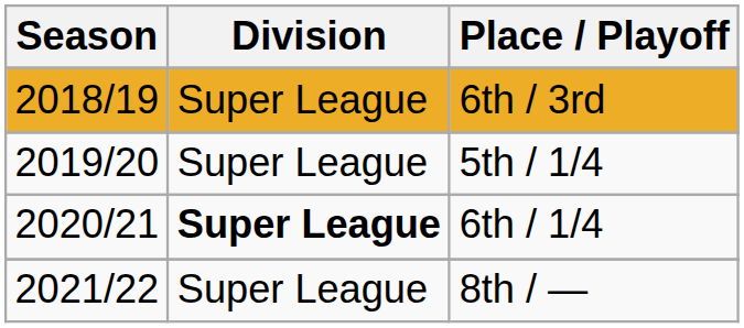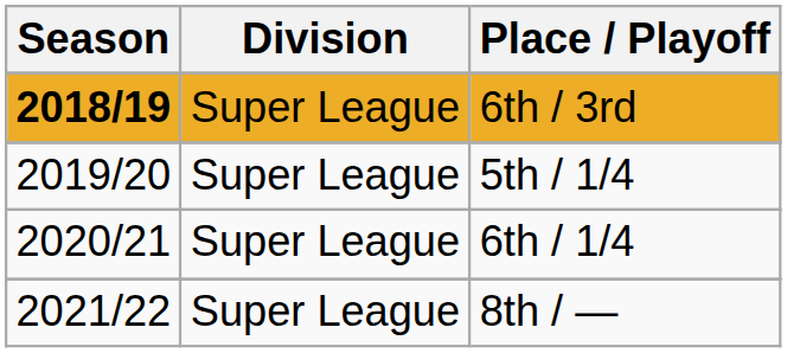 <table class="wikitable">
 <tr style="background:#f0f6fa;">
 <th><strong>Season</strong></th>
 <th><strong>Division</strong></th>
 <th><strong>Place / Playoff</strong></th>
 </tr>
 <tr>
 </tr>
 <tr bgcolor="#EDAD27">
-<td>2018/19</td>
+<td><strong>2018/19</strong></td>
 <td>Super League</td>
 <td>6th / 3rd</td>
 </tr>
 <tr style="background:#f0f6fa;">
 </tr>
 <tr>
 </tr>
 <tr bgcolor=>
 <td>2019/20</td>
 <td>Super League</td>
 <td>5th / 1/4</td>
 </tr>
 <tr>
 </tr>
 <tr bgcolor=>
 <td>2020/21</td>
-<td><strong>Super League</strong></td>
+<td>Super League</td>
 <td>6th / 1/4</td>
 </tr>
 <tr>
 </tr>
 <tr bgcolor=>
 <td>2021/22</td>
 <td>Super League</td>
 <td>8th / —</td>
 </tr>
 </table>
